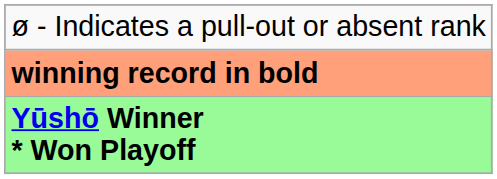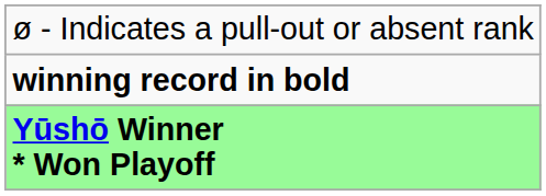 <table class="wikitable">
 <tr>
 <td>ø - Indicates a pull-out or absent rank</td>
 </tr>
 <tr>
-<td style="background: lightsalmon;"><strong>winning record in bold</strong></td>
+<td><strong>winning record in bold</strong></td>
 </tr>
 <tr>
 <td style="background: PaleGreen;"><strong><a href='#'>Yūshō</a> Winner</strong><br> <strong>* Won Playoff</strong></td>
 </tr>
 </table>
